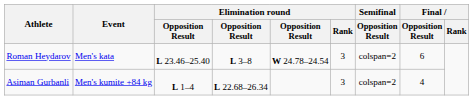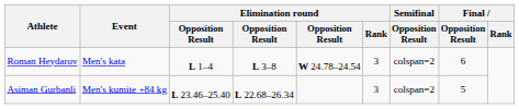 <table class=wikitable style=font-size:90%;text-align:center>
 <tr>
 <th rowspan=2>Athlete</th>
 <th rowspan=2>Event</th>
 <th colspan=4>Elimination round</th>
 <th>Semifinal</th>
 <th colspan=2>Final / </th>
 </tr>
 <tr style=font-size:95%>
 <th>Opposition<br>Result</th>
 <th>Opposition<br>Result</th>
 <th>Opposition<br>Result</th>
 <th>Rank</th>
 <th>Opposition<br>Result</th>
 <th>Opposition<br>Result</th>
 <th>Rank</th>
 </tr>
 <tr>
 <td align=left><a href='#'>Roman Heydarov</a></td>
 <td align=left><a href='#'>Men's kata</a></td>
-<td><br><strong>L</strong> 23.46–25.40</td>
+<td><br><strong>L</strong> 1–4</td>
 <td><br><strong>L</strong> 3–8</td>
 <td><br><strong>W</strong> 24.78–24.54</td>
 <td>3</td>
 <td>colspan=2 </td>
 <td>6</td>
 </tr>
 <tr>
 <td align=left><a href='#'>Asiman Gurbanli</a></td>
 <td align=left><a href='#'>Men's kumite +84 kg</a></td>
-<td><br><strong>L</strong> 1–4</td>
+<td><br><strong>L</strong> 23.46–25.40</td>
 <td><br><strong>L</strong> 22.68–26.34</td>
 <td></td>
 <td>3</td>
 <td>colspan=2 </td>
-<td>4</td>
+<td>5</td>
 </tr>
 </table>
